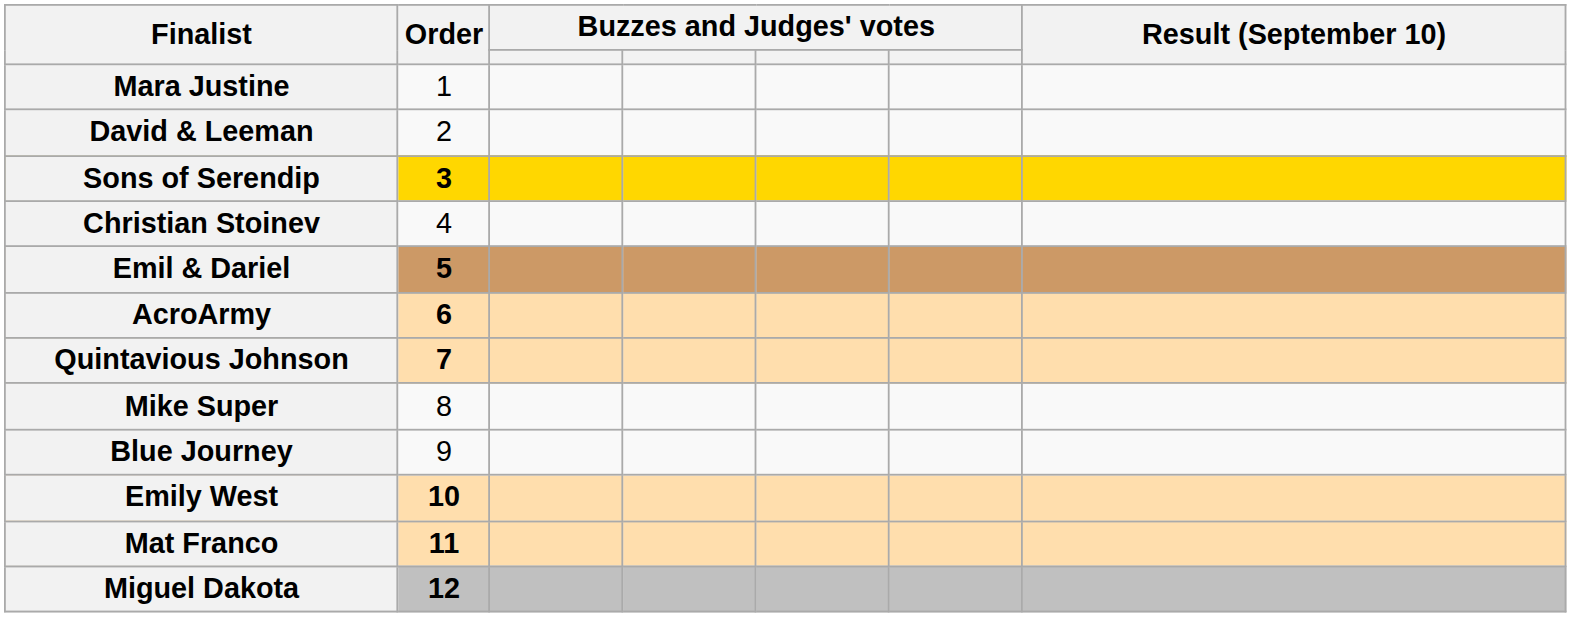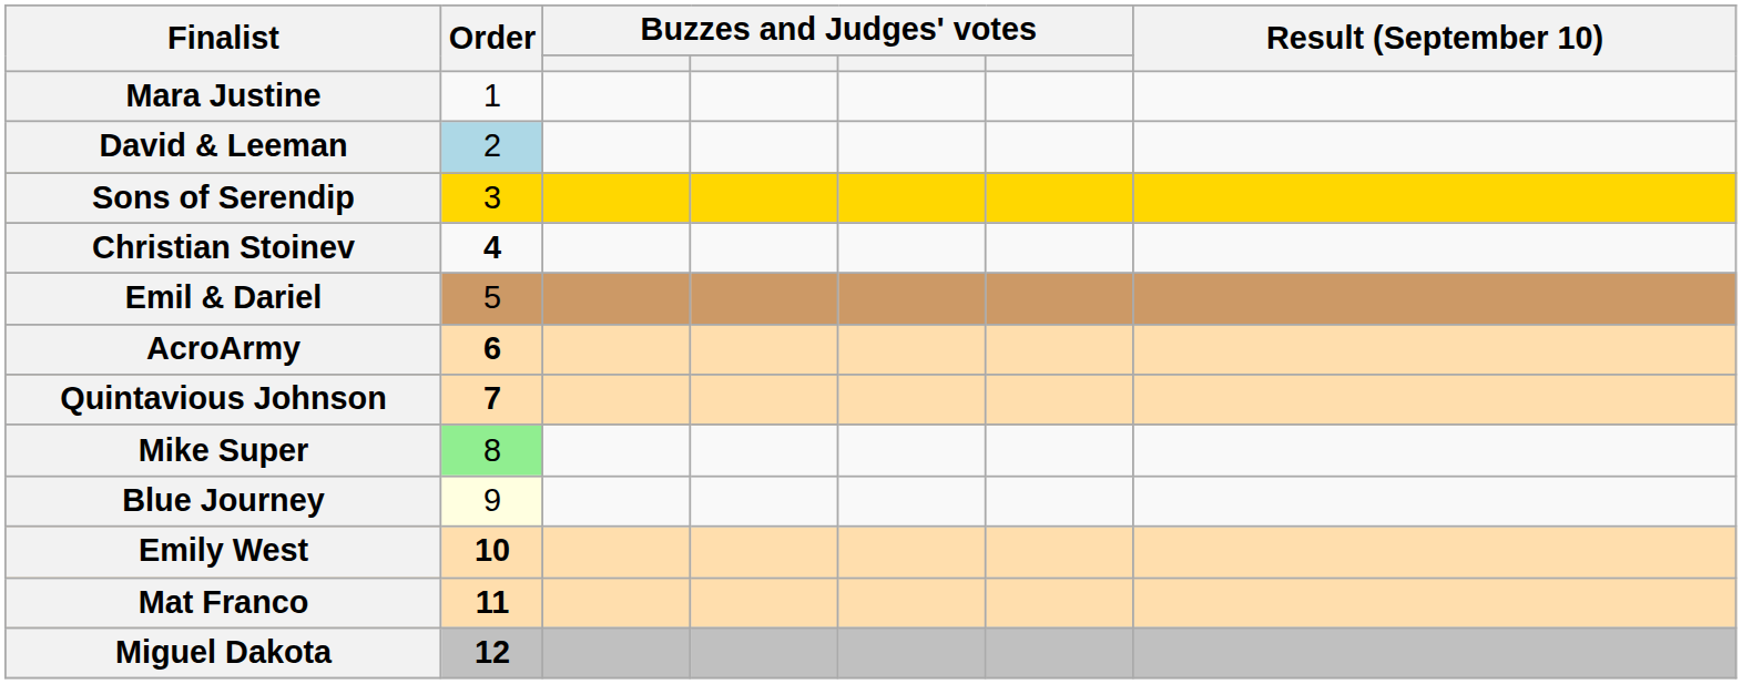 <table class="wikitable plainrowheaders sortable" style="text-align:center;">
 <tr>
 <th scope="col" rowspan="2" class="unsortable" style="width:17em;">Finalist</th>
 <th scope="col" rowspan="2" style="width:1em;">Order</th>
 <th scope="col" colspan="4" class="unsortable" style="width:24em;">Buzzes and Judges' votes</th>
 <th scope="col" rowspan="2" style="width:25em;">Result (September 10)</th>
 </tr>
 <tr>
 <th scope="col" class="unsortable" style="width:6em;"></th>
 <th scope="col" class="unsortable" style="width:6em;"></th>
 <th scope="col" class="unsortable" style="width:6em;"></th>
 <th scope="col" class="unsortable" style="width:6em;"></th>
 </tr>
 <tr>
 <th scope="row">Mara Justine</th>
 <td>1</td>
 <td style="text-align:center;"></td>
 <td style="text-align:center;"></td>
 <td style="text-align:center;"></td>
 <td style="text-align:center;"></td>
 <td></td>
 </tr>
 <tr>
 <th scope="row">David & Leeman</th>
-<td>2</td>
+<td style="background: lightblue;">2</td>
 <td style="text-align:center;"></td>
 <td style="text-align:center;"></td>
 <td style="text-align:center;"></td>
 <td style="text-align:center;"></td>
 <td></td>
 </tr>
 <tr style="background:gold">
 <th scope="row">Sons of Serendip</th>
-<td><strong>3</strong></td>
+<td>3</td>
 <td style="text-align:center;"></td>
 <td style="text-align:center;"></td>
 <td style="text-align:center;"></td>
 <td style="text-align:center;"></td>
 <td><strong></strong></td>
 </tr>
 <tr>
 <th scope="row">Christian Stoinev</th>
-<td>4</td>
+<td><strong>4</strong></td>
 <td style="text-align:center;"></td>
 <td style="text-align:center;"></td>
 <td style="text-align:center;"></td>
 <td style="text-align:center;"></td>
 <td></td>
 </tr>
 <tr style="background:#c96">
 <th scope="row">Emil & Dariel</th>
-<td><strong>5</strong></td>
+<td>5</td>
 <td style="text-align:center;"></td>
 <td style="text-align:center;"></td>
 <td style="text-align:center;"></td>
 <td style="text-align:center;"></td>
 <td></td>
 </tr>
 <tr style="background:NavajoWhite">
 <th scope="row"><strong>AcroArmy</strong></th>
 <td><strong>6</strong></td>
 <td style="text-align:center;"></td>
 <td style="text-align:center;"></td>
 <td style="text-align:center;"></td>
 <td style="text-align:center;"></td>
 <td><strong></strong></td>
 </tr>
 <tr style="background:NavajoWhite">
 <th scope="row"><strong>Quintavious Johnson</strong></th>
 <td><strong>7</strong></td>
 <td style="text-align:center;"></td>
 <td style="text-align:center;"></td>
 <td style="text-align:center;"></td>
 <td style="text-align:center;"></td>
 <td><strong></strong></td>
 </tr>
 <tr>
 <th scope="row">Mike Super</th>
-<td>8</td>
+<td style="background: lightgreen;">8</td>
 <td style="text-align:center;"></td>
 <td style="text-align:center;"></td>
 <td style="text-align:center;"></td>
 <td style="text-align:center;"></td>
 <td></td>
 </tr>
 <tr>
 <th scope="row">Blue Journey</th>
-<td>9</td>
+<td style="background: lightyellow;">9</td>
 <td style="text-align:center;"></td>
 <td style="text-align:center;"></td>
 <td style="text-align:center;"></td>
 <td style="text-align:center;"></td>
 <td></td>
 </tr>
 <tr style="background:NavajoWhite">
 <th scope="row"><strong>Emily West</strong></th>
 <td><strong>10</strong></td>
 <td style="text-align:center;"></td>
 <td style="text-align:center;"></td>
 <td style="text-align:center;"></td>
 <td style="text-align:center;"></td>
 <td><strong></strong></td>
 </tr>
 <tr style="background:NavajoWhite">
 <th scope="row"><strong>Mat Franco</strong></th>
 <td><strong>11</strong></td>
 <td style="text-align:center;"></td>
 <td style="text-align:center;"></td>
 <td style="text-align:center;"></td>
 <td style="text-align:center;"></td>
 <td><strong></strong></td>
 </tr>
 <tr style="background:silver">
 <th scope="row"><strong>Miguel Dakota</strong></th>
 <td><strong>12</strong></td>
 <td style="text-align:center;"></td>
 <td style="text-align:center;"></td>
 <td style="text-align:center;"></td>
 <td style="text-align:center;"></td>
 <td><strong></strong></td>
 </tr>
 </table>
